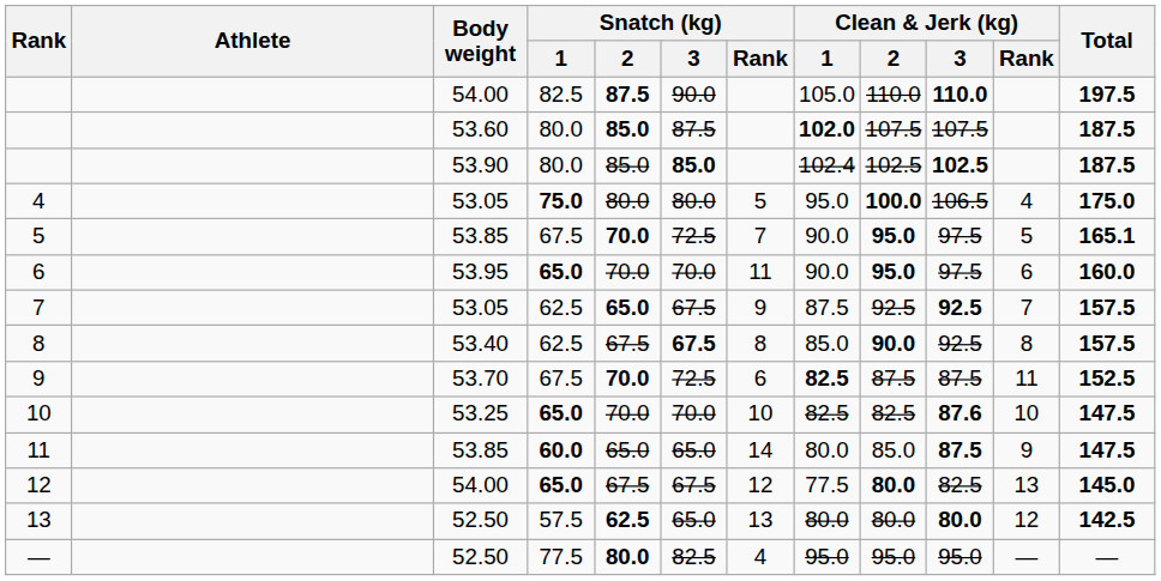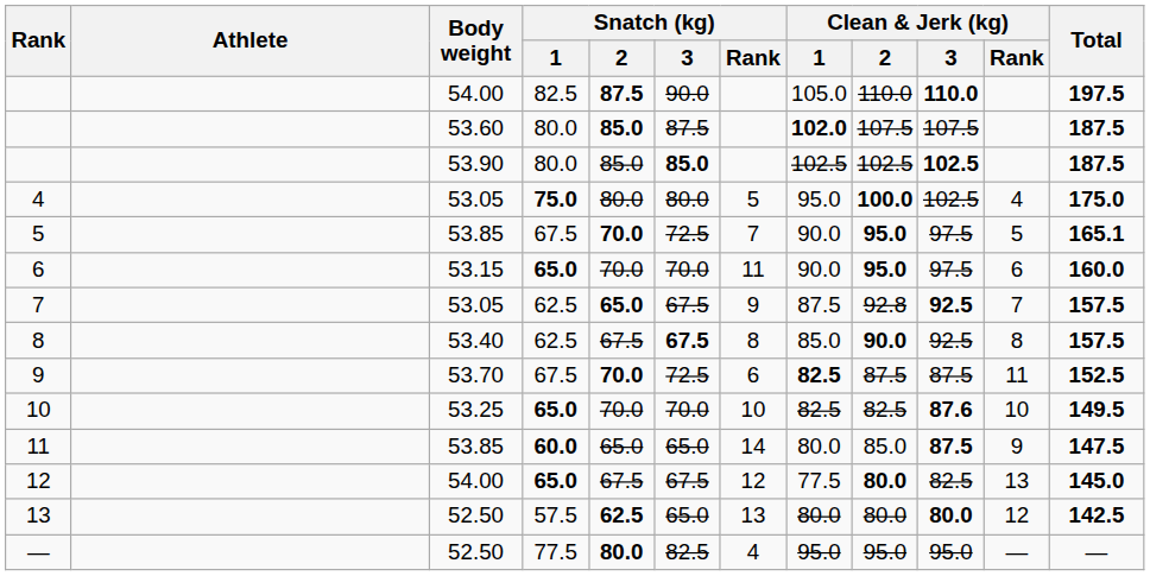 <table class = "wikitable" style="text-align:center;">
 <tr>
 <th rowspan=2 width=40>Rank</th>
 <th rowspan=2 width=250>Athlete</th>
 <th rowspan=2 width=60>Body weight</th>
 <th colspan=4>Snatch (kg)</th>
 <th colspan=4>Clean & Jerk (kg)</th>
 <th rowspan=2 width=60>Total</th>
 </tr>
 <tr>
 <th width=40>1</th>
 <th width=40>2</th>
 <th width=40>3</th>
 <th width=40>Rank</th>
 <th width=40>1</th>
 <th width=40>2</th>
 <th width=40>3</th>
 <th width=40>Rank</th>
 </tr>
 <tr>
 <td></td>
 <td align=left></td>
 <td>54.00</td>
 <td>82.5</td>
 <td><strong>87.5</strong></td>
 <td><s>90.0 </s></td>
 <td></td>
 <td>105.0</td>
 <td><s>110.0 </s></td>
 <td><strong>110.0</strong></td>
 <td></td>
 <td><strong>197.5</strong></td>
 </tr>
 <tr>
 <td></td>
 <td align=left></td>
 <td>53.60</td>
 <td>80.0</td>
 <td><strong>85.0</strong></td>
 <td><s>87.5 </s></td>
 <td></td>
 <td><strong>102.0</strong></td>
 <td><s>107.5 </s></td>
 <td><s>107.5 </s></td>
 <td></td>
 <td><strong>187.5</strong></td>
 </tr>
 <tr>
 <td></td>
 <td align=left></td>
 <td>53.90</td>
 <td>80.0</td>
 <td><s>85.0 </s></td>
 <td><strong>85.0</strong></td>
 <td></td>
-<td><s>102.4 </s></td>
+<td><s>102.5 </s></td>
 <td><s>102.5 </s></td>
 <td><strong>102.5</strong></td>
 <td></td>
 <td><strong>187.5</strong></td>
 </tr>
 <tr>
 <td>4</td>
 <td align=left></td>
 <td>53.05</td>
 <td><strong>75.0</strong></td>
 <td><s>80.0 </s></td>
 <td><s>80.0 </s></td>
 <td>5</td>
 <td>95.0</td>
 <td><strong>100.0</strong></td>
-<td><s>106.5 </s></td>
+<td><s>102.5 </s></td>
 <td>4</td>
 <td><strong>175.0  </strong></td>
 </tr>
 <tr>
 <td>5</td>
 <td align=left></td>
 <td>53.85</td>
 <td>67.5</td>
 <td><strong>70.0</strong></td>
 <td><s>72.5 </s></td>
 <td>7</td>
 <td>90.0</td>
 <td><strong>95.0</strong></td>
 <td><s>97.5 </s></td>
 <td>5</td>
 <td><strong>165.1</strong></td>
 </tr>
 <tr>
 <td>6</td>
 <td align=left></td>
-<td>53.95</td>
+<td>53.15</td>
 <td><strong>65.0</strong></td>
 <td><s>70.0 </s></td>
 <td><s>70.0 </s></td>
 <td>11</td>
 <td>90.0</td>
 <td><strong>95.0</strong></td>
 <td><s>97.5 </s></td>
 <td>6</td>
 <td><strong>160.0  </strong></td>
 </tr>
 <tr>
 <td>7</td>
 <td align=left></td>
 <td>53.05</td>
 <td>62.5</td>
 <td><strong>65.0</strong></td>
 <td><s>67.5 </s></td>
 <td>9</td>
 <td>87.5</td>
-<td><s>92.5 </s></td>
+<td><s>92.8 </s></td>
 <td><strong>92.5</strong></td>
 <td>7</td>
 <td><strong>157.5</strong></td>
 </tr>
 <tr>
 <td>8</td>
 <td align=left></td>
 <td>53.40</td>
 <td>62.5</td>
 <td><s>67.5 </s></td>
 <td><strong>67.5</strong></td>
 <td>8</td>
 <td>85.0</td>
 <td><strong>90.0</strong></td>
 <td><s>92.5 </s></td>
 <td>8</td>
 <td><strong>157.5</strong></td>
 </tr>
 <tr>
 <td>9</td>
 <td align=left></td>
 <td>53.70</td>
 <td>67.5</td>
 <td><strong>70.0</strong></td>
 <td><s>72.5 </s></td>
 <td>6</td>
 <td><strong>82.5</strong></td>
 <td><s>87.5 </s></td>
 <td><s>87.5 </s></td>
 <td>11</td>
 <td><strong>152.5</strong></td>
 </tr>
 <tr>
 <td>10</td>
 <td align=left></td>
 <td>53.25</td>
 <td><strong>65.0</strong></td>
 <td><s>70.0 </s></td>
 <td><s>70.0 </s></td>
 <td>10</td>
 <td><s>82.5 </s></td>
 <td><s>82.5 </s></td>
 <td><strong>87.6</strong></td>
 <td>10</td>
-<td><strong>147.5</strong></td>
+<td><strong>149.5</strong></td>
 </tr>
 <tr>
 <td>11</td>
 <td align=left></td>
 <td>53.85</td>
 <td><strong>60.0</strong></td>
 <td><s>65.0 </s></td>
 <td><s>65.0 </s></td>
 <td>14</td>
 <td>80.0</td>
 <td>85.0</td>
 <td><strong>87.5</strong></td>
 <td>9</td>
 <td><strong>147.5</strong></td>
 </tr>
 <tr>
 <td>12</td>
 <td align=left></td>
 <td>54.00</td>
 <td><strong>65.0</strong></td>
 <td><s>67.5 </s></td>
 <td><s>67.5 </s></td>
 <td>12</td>
 <td>77.5</td>
 <td><strong>80.0</strong></td>
 <td><s>82.5 </s></td>
 <td>13</td>
 <td><strong>145.0</strong></td>
 </tr>
 <tr>
 <td>13</td>
 <td align=left></td>
 <td>52.50</td>
 <td>57.5</td>
 <td><strong>62.5</strong></td>
 <td><s>65.0 </s></td>
 <td>13</td>
 <td><s>80.0 </s></td>
 <td><s>80.0 </s></td>
 <td><strong>80.0</strong></td>
 <td>12</td>
 <td><strong>142.5</strong></td>
 </tr>
 <tr>
 <td>—</td>
 <td align=left></td>
 <td>52.50</td>
 <td>77.5</td>
 <td><strong>80.0</strong></td>
 <td><s>82.5 </s></td>
 <td>4</td>
 <td><s>95.0 </s></td>
 <td><s>95.0 </s></td>
 <td><s>95.0 </s></td>
 <td>—</td>
 <td>—</td>
 </tr>
 </table>
